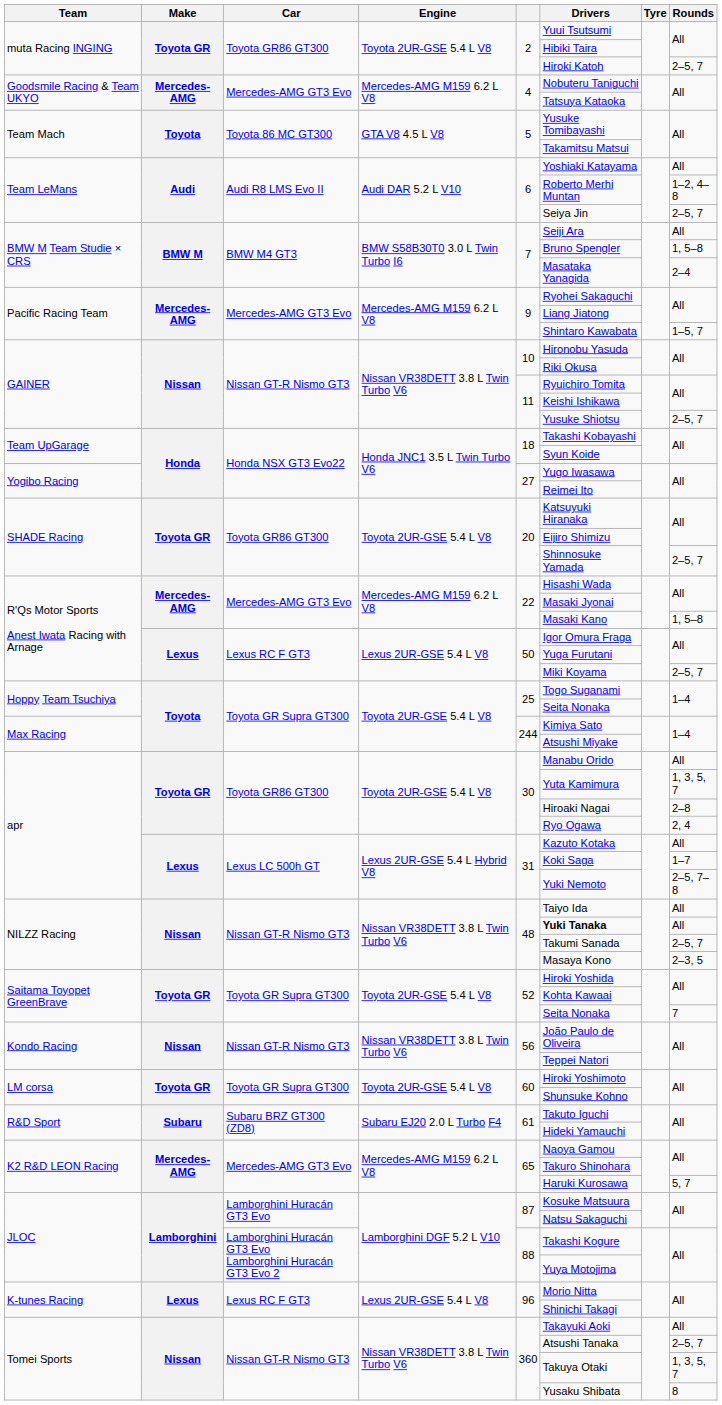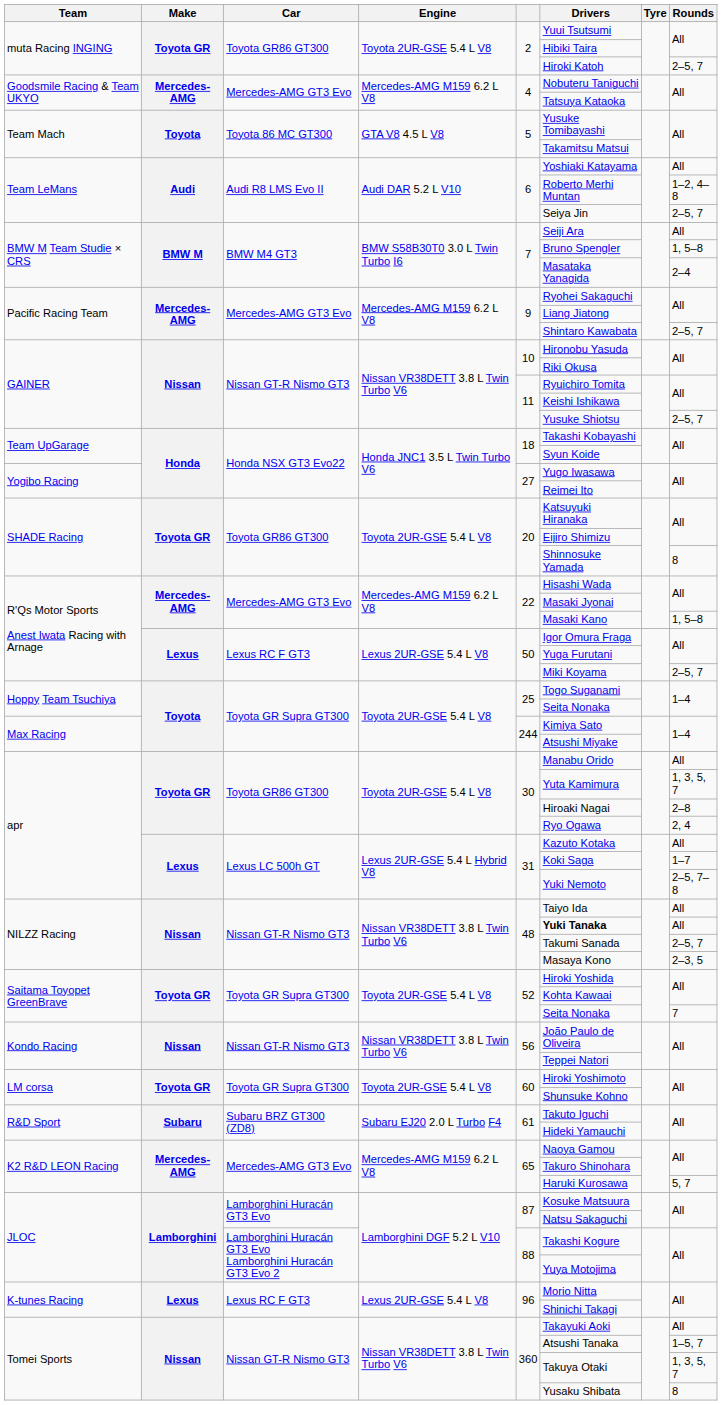 <table class="wikitable" style="font-size: 85%">
 <tr>
 <th>Team</th>
 <th>Make</th>
 <th>Car</th>
 <th>Engine</th>
 <th></th>
 <th>Drivers</th>
 <th>Tyre</th>
 <th>Rounds</th>
 </tr>
 <tr>
 <td rowspan="3">muta Racing <a href='#'>INGING</a></td>
 <th rowspan="3"><a href='#'>Toyota GR</a></th>
 <td rowspan="3"><a href='#'>Toyota GR86 GT300</a></td>
 <td rowspan="3"><a href='#'>Toyota 2UR-GSE</a> 5.4 L <a href='#'>V8</a></td>
 <td rowspan="3" align="center">2</td>
 <td> <a href='#'>Yuui Tsutsumi</a></td>
 <td rowspan="3" align="center"></td>
 <td rowspan="2">All</td>
 </tr>
 <tr>
 <td> <a href='#'>Hibiki Taira</a></td>
 </tr>
 <tr>
 <td> <a href='#'>Hiroki Katoh</a></td>
 <td>2–5, 7</td>
 </tr>
 <tr>
 <td rowspan=2><a href='#'>Goodsmile Racing</a> & <a href='#'>Team UKYO</a></td>
 <th rowspan=2><a href='#'>Mercedes-AMG</a></th>
 <td rowspan=2><a href='#'>Mercedes-AMG GT3 Evo</a></td>
 <td rowspan=2><a href='#'>Mercedes-AMG M159</a> 6.2 L <a href='#'>V8</a></td>
 <td rowspan="2" align=center>4</td>
 <td> <a href='#'>Nobuteru Taniguchi</a></td>
 <td rowspan="2" align="center"></td>
 <td rowspan="2">All</td>
 </tr>
 <tr>
 <td> <a href='#'>Tatsuya Kataoka</a></td>
 </tr>
 <tr>
 <td rowspan="2">Team Mach</td>
 <th rowspan="2"><a href='#'>Toyota</a></th>
 <td rowspan="2"><a href='#'>Toyota 86 MC GT300</a></td>
 <td rowspan="2"><a href='#'>GTA V8</a> 4.5 L <a href='#'>V8</a></td>
 <td rowspan="2" align=center>5</td>
 <td> <a href='#'>Yusuke Tomibayashi</a></td>
 <td rowspan="2" align="center"></td>
 <td rowspan="2">All</td>
 </tr>
 <tr>
 <td> <a href='#'>Takamitsu Matsui</a></td>
 </tr>
 <tr>
 <td rowspan="3"><a href='#'>Team LeMans</a></td>
 <th rowspan="3"><a href='#'>Audi</a></th>
 <td rowspan="3"><a href='#'>Audi R8 LMS Evo II</a></td>
 <td rowspan="3"><a href='#'>Audi DAR</a> 5.2 L <a href='#'>V10</a></td>
 <td rowspan="3" align=center>6</td>
 <td> <a href='#'>Yoshiaki Katayama</a></td>
 <td rowspan="3" align="center"></td>
 <td>All</td>
 </tr>
 <tr>
 <td> <a href='#'>Roberto Merhi Muntan</a></td>
 <td>1–2, 4–8</td>
 </tr>
 <tr>
 <td> Seiya Jin</td>
 <td>2–5, 7</td>
 </tr>
 <tr>
 <td rowspan="3"><a href='#'>BMW M</a> <a href='#'>Team Studie</a> × <a href='#'>CRS</a></td>
 <th rowspan="3"><a href='#'>BMW M</a></th>
 <td rowspan="3"><a href='#'>BMW M4 GT3</a></td>
 <td rowspan="3"><a href='#'>BMW S58B30T0</a> 3.0 L <a href='#'>Twin Turbo</a> <a href='#'>I6</a></td>
 <td rowspan="3" align="center">7</td>
 <td> <a href='#'>Seiji Ara</a></td>
 <td rowspan="3" align="center"></td>
 <td>All</td>
 </tr>
 <tr>
 <td> <a href='#'>Bruno Spengler</a></td>
 <td>1, 5–8</td>
 </tr>
 <tr>
 <td> <a href='#'>Masataka Yanagida</a></td>
 <td>2–4</td>
 </tr>
 <tr>
 <td rowspan="3">Pacific Racing Team</td>
 <th rowspan="3"><a href='#'>Mercedes-AMG</a></th>
 <td rowspan="3"><a href='#'>Mercedes-AMG GT3 Evo</a></td>
 <td rowspan="3"><a href='#'>Mercedes-AMG M159</a> 6.2 L <a href='#'>V8</a></td>
 <td rowspan="3" align="center">9</td>
 <td> <a href='#'>Ryohei Sakaguchi</a></td>
 <td rowspan="3" align="center"></td>
 <td rowspan="2">All</td>
 </tr>
 <tr>
 <td> <a href='#'>Liang Jiatong</a></td>
 </tr>
 <tr>
 <td> <a href='#'>Shintaro Kawabata</a></td>
-<td>1–5, 7</td>
+<td>2–5, 7</td>
 </tr>
 <tr>
 <td rowspan="5"><a href='#'>GAINER</a></td>
 <th rowspan="5"><a href='#'>Nissan</a></th>
 <td rowspan="5"><a href='#'>Nissan GT-R Nismo GT3</a></td>
 <td rowspan="5"><a href='#'>Nissan VR38DETT</a> 3.8 L <a href='#'>Twin Turbo</a> <a href='#'>V6</a></td>
 <td rowspan="2" align="center">10</td>
 <td> <a href='#'>Hironobu Yasuda</a></td>
 <td rowspan="2" align="center"></td>
 <td rowspan="2">All</td>
 </tr>
 <tr>
 <td> <a href='#'>Riki Okusa</a></td>
 </tr>
 <tr>
 <td rowspan="3" align=center>11</td>
 <td> <a href='#'>Ryuichiro Tomita</a></td>
 <td rowspan="3" align=center></td>
 <td rowspan="2">All</td>
 </tr>
 <tr>
 <td> <a href='#'>Keishi Ishikawa</a></td>
 </tr>
 <tr>
 <td> <a href='#'>Yusuke Shiotsu</a></td>
 <td>2–5, 7</td>
 </tr>
 <tr>
 <td rowspan="2"><a href='#'>Team UpGarage</a></td>
 <th rowspan="4"><a href='#'>Honda</a></th>
 <td rowspan="4"><a href='#'>Honda NSX GT3 Evo22</a></td>
 <td rowspan="4"><a href='#'>Honda JNC1</a> 3.5 L <a href='#'>Twin Turbo</a> <a href='#'>V6</a></td>
 <td rowspan="2" align=center>18</td>
 <td> <a href='#'>Takashi Kobayashi</a></td>
 <td rowspan="2" align="center"></td>
 <td rowspan="2">All</td>
 </tr>
 <tr>
 <td> <a href='#'>Syun Koide</a></td>
 </tr>
 <tr>
 <td rowspan="2"><a href='#'>Yogibo Racing</a></td>
 <td rowspan="2" align=center>27</td>
 <td> <a href='#'>Yugo Iwasawa</a></td>
 <td rowspan="2" align="center"></td>
 <td rowspan="2">All</td>
 </tr>
 <tr>
 <td> <a href='#'>Reimei Ito</a></td>
 </tr>
 <tr>
 <td rowspan=3><a href='#'>SHADE Racing</a></td>
 <th rowspan=3><a href='#'>Toyota GR</a></th>
 <td rowspan=3><a href='#'>Toyota GR86 GT300</a></td>
 <td rowspan=3><a href='#'>Toyota 2UR-GSE</a> 5.4 L <a href='#'>V8</a></td>
 <td align="center" rowspan=3>20</td>
 <td> <a href='#'>Katsuyuki Hiranaka</a></td>
 <td rowspan="3" align="center"></td>
 <td rowspan="2">All</td>
 </tr>
 <tr>
 <td> <a href='#'>Eijiro Shimizu</a></td>
 </tr>
 <tr>
 <td> <a href='#'>Shinnosuke Yamada</a></td>
-<td>2–5, 7</td>
+<td>8</td>
 </tr>
 <tr>
 <td rowspan="6">R'Qs Motor Sports<br><br><a href='#'>Anest Iwata</a> Racing with Arnage</td>
 <th rowspan="3"><a href='#'>Mercedes-AMG</a></th>
 <td rowspan="3"><a href='#'>Mercedes-AMG GT3 Evo</a></td>
 <td rowspan="3"><a href='#'>Mercedes-AMG M159</a> 6.2 L <a href='#'>V8</a></td>
 <td rowspan="3" align="center">22</td>
 <td> <a href='#'>Hisashi Wada</a></td>
 <td rowspan="3" align="center"></td>
 <td rowspan="2">All</td>
 </tr>
 <tr>
 <td> <a href='#'>Masaki Jyonai</a></td>
 </tr>
 <tr>
 <td> <a href='#'>Masaki Kano</a></td>
 <td>1, 5–8</td>
 </tr>
 <tr>
 <th rowspan=3><a href='#'>Lexus</a></th>
 <td rowspan=3><a href='#'>Lexus RC F GT3</a></td>
 <td rowspan=3><a href='#'>Lexus 2UR-GSE</a> 5.4 L <a href='#'>V8</a></td>
 <td align="center" rowspan="3">50</td>
 <td> <a href='#'>Igor Omura Fraga</a></td>
 <td rowspan="3" align=center></td>
 <td rowspan="2">All</td>
 </tr>
 <tr>
 <td> <a href='#'>Yuga Furutani</a></td>
 </tr>
 <tr>
 <td> <a href='#'>Miki Koyama</a></td>
 <td>2–5, 7</td>
 </tr>
 <tr>
 <td rowspan=2><a href='#'>Hoppy</a> <a href='#'>Team Tsuchiya</a></td>
 <th rowspan="4"><a href='#'>Toyota</a></th>
 <td rowspan="4"><a href='#'>Toyota GR Supra GT300</a></td>
 <td rowspan="4"><a href='#'>Toyota 2UR-GSE</a> 5.4 L <a href='#'>V8</a></td>
 <td align="center" rowspan=2>25</td>
 <td> <a href='#'>Togo Suganami</a></td>
 <td rowspan="2" align="center"></td>
 <td rowspan="2">1–4</td>
 </tr>
 <tr>
 <td> <a href='#'>Seita Nonaka</a></td>
 </tr>
 <tr>
 <td rowspan="2"><a href='#'>Max Racing</a></td>
 <td align="center" rowspan="2">244</td>
 <td> <a href='#'>Kimiya Sato</a></td>
 <td rowspan="2" align="center"></td>
 <td rowspan="2">1–4</td>
 </tr>
 <tr>
 <td> <a href='#'>Atsushi Miyake</a></td>
 </tr>
 <tr>
 <td rowspan="7">apr</td>
 <th rowspan="4"><a href='#'>Toyota GR</a></th>
 <td rowspan="4"><a href='#'>Toyota GR86 GT300</a></td>
 <td rowspan="4"><a href='#'>Toyota 2UR-GSE</a> 5.4 L <a href='#'>V8</a></td>
 <td rowspan="4" align="center">30</td>
 <td> <a href='#'>Manabu Orido</a></td>
 <td rowspan="4" align="center"></td>
 <td>All</td>
 </tr>
 <tr>
 <td> <a href='#'>Yuta Kamimura</a></td>
 <td>1, 3, 5, 7</td>
 </tr>
 <tr>
 <td> Hiroaki Nagai</td>
 <td>2–8</td>
 </tr>
 <tr>
 <td> <a href='#'>Ryo Ogawa</a></td>
 <td>2, 4</td>
 </tr>
 <tr>
 <th rowspan="3"><a href='#'>Lexus</a></th>
 <td rowspan="3"><a href='#'>Lexus LC 500h GT</a></td>
 <td rowspan="3"><a href='#'>Lexus 2UR-GSE</a> 5.4 L <a href='#'>Hybrid</a> <a href='#'>V8</a></td>
 <td rowspan="3" align=center>31</td>
 <td> <a href='#'>Kazuto Kotaka</a></td>
 <td rowspan="3" align="center"></td>
 <td>All</td>
 </tr>
 <tr>
 <td> <a href='#'>Koki Saga</a></td>
 <td>1–7</td>
 </tr>
 <tr>
 <td> <a href='#'>Yuki Nemoto</a></td>
 <td>2–5, 7–8</td>
 </tr>
 <tr>
 <td rowspan="4">NILZZ Racing</td>
 <th rowspan="4"><a href='#'>Nissan</a></th>
 <td rowspan="4"><a href='#'>Nissan GT-R Nismo GT3</a></td>
 <td rowspan="4"><a href='#'>Nissan VR38DETT</a> 3.8 L <a href='#'>Twin Turbo</a> <a href='#'>V6</a></td>
 <td rowspan="4" align="center">48</td>
 <td> Taiyo Ida</td>
 <td rowspan="4" align="center"></td>
 <td>All</td>
 </tr>
 <tr>
 <td><strong> Yuki Tanaka</strong></td>
 <td>All</td>
 </tr>
 <tr>
 <td> Takumi Sanada</td>
 <td>2–5, 7</td>
 </tr>
 <tr>
 <td> Masaya Kono</td>
 <td>2–3, 5</td>
 </tr>
 <tr>
 <td rowspan="3"><a href='#'>Saitama Toyopet GreenBrave</a></td>
 <th rowspan="3"><a href='#'>Toyota GR</a></th>
 <td rowspan="3"><a href='#'>Toyota GR Supra GT300</a></td>
 <td rowspan="3"><a href='#'>Toyota 2UR-GSE</a> 5.4 L <a href='#'>V8</a></td>
 <td rowspan="3" align="center">52</td>
 <td> <a href='#'>Hiroki Yoshida</a></td>
 <td rowspan="3" align="center"></td>
 <td rowspan="2">All</td>
 </tr>
 <tr>
 <td> <a href='#'>Kohta Kawaai</a></td>
 </tr>
 <tr>
 <td> <a href='#'>Seita Nonaka</a></td>
 <td>7</td>
 </tr>
 <tr>
 <td rowspan="2"><a href='#'>Kondo Racing</a></td>
 <th rowspan="2"><a href='#'>Nissan</a></th>
 <td rowspan="2"><a href='#'>Nissan GT-R Nismo GT3</a></td>
 <td rowspan="2"><a href='#'>Nissan VR38DETT</a> 3.8 L <a href='#'>Twin Turbo</a> <a href='#'>V6</a></td>
 <td rowspan="2" align=center>56</td>
 <td> <a href='#'>João Paulo de Oliveira</a></td>
 <td rowspan="2" align=center></td>
 <td rowspan="2">All</td>
 </tr>
 <tr>
 <td> <a href='#'>Teppei Natori</a></td>
 </tr>
 <tr>
 <td rowspan="2"><a href='#'>LM corsa</a></td>
 <th rowspan="2"><a href='#'>Toyota GR</a></th>
 <td rowspan="2"><a href='#'>Toyota GR Supra GT300</a></td>
 <td rowspan="2"><a href='#'>Toyota 2UR-GSE</a> 5.4 L <a href='#'>V8</a></td>
 <td align="center" rowspan=2>60</td>
 <td> <a href='#'>Hiroki Yoshimoto</a></td>
 <td rowspan="2" align="center"></td>
 <td rowspan="2">All</td>
 </tr>
 <tr>
 <td> <a href='#'>Shunsuke Kohno</a></td>
 </tr>
 <tr>
 <td rowspan=2><a href='#'>R&D Sport</a></td>
 <th rowspan=2><a href='#'>Subaru</a></th>
 <td rowspan=2><a href='#'>Subaru BRZ GT300 (ZD8)</a></td>
 <td rowspan="2"><a href='#'>Subaru EJ20</a> 2.0 L <a href='#'>Turbo</a> <a href='#'>F4</a></td>
 <td align="center" rowspan="2">61</td>
 <td> <a href='#'>Takuto Iguchi</a></td>
 <td rowspan=2 align=center></td>
 <td rowspan="2">All</td>
 </tr>
 <tr>
 <td> <a href='#'>Hideki Yamauchi</a></td>
 </tr>
 <tr>
 <td rowspan=3><a href='#'>K2 R&D LEON Racing</a></td>
 <th rowspan=3><a href='#'>Mercedes-AMG</a></th>
 <td rowspan=3><a href='#'>Mercedes-AMG GT3 Evo</a></td>
 <td rowspan=3><a href='#'>Mercedes-AMG M159</a> 6.2 L <a href='#'>V8</a></td>
 <td align="center" rowspan=3>65</td>
 <td> <a href='#'>Naoya Gamou</a></td>
 <td rowspan="3" align="center"></td>
 <td rowspan="2">All</td>
 </tr>
 <tr>
 <td> <a href='#'>Takuro Shinohara</a></td>
 </tr>
 <tr>
 <td> <a href='#'>Haruki Kurosawa</a></td>
 <td>5, 7</td>
 </tr>
 <tr>
 <td rowspan="4"><a href='#'>JLOC</a></td>
 <th rowspan="4"><a href='#'>Lamborghini</a></th>
 <td rowspan="2"><a href='#'>Lamborghini Huracán GT3 Evo</a></td>
 <td rowspan="4"><a href='#'>Lamborghini DGF</a> 5.2 L <a href='#'>V10</a></td>
 <td align="center" rowspan="2">87</td>
 <td> <a href='#'>Kosuke Matsuura</a></td>
 <td align="center" rowspan="2"></td>
 <td rowspan="2">All</td>
 </tr>
 <tr>
 <td> <a href='#'>Natsu Sakaguchi</a></td>
 </tr>
 <tr>
 <td rowspan="2"><a href='#'>Lamborghini Huracán GT3 Evo</a> <small></small> <br> <a href='#'>Lamborghini Huracán GT3 Evo 2</a> <small></small></td>
 <td align="center" rowspan="2">88</td>
 <td> <a href='#'>Takashi Kogure</a></td>
 <td align="center" rowspan="2"></td>
 <td rowspan="2">All</td>
 </tr>
 <tr>
 <td> <a href='#'>Yuya Motojima</a></td>
 </tr>
 <tr>
 <td rowspan=2><a href='#'>K-tunes Racing</a></td>
 <th rowspan=2><a href='#'>Lexus</a></th>
 <td rowspan=2><a href='#'>Lexus RC F GT3</a></td>
 <td rowspan=2><a href='#'>Lexus 2UR-GSE</a> 5.4 L <a href='#'>V8</a></td>
 <td align="center" rowspan="2">96</td>
 <td> <a href='#'>Morio Nitta</a></td>
 <td rowspan="2" align=center></td>
 <td rowspan="2">All</td>
 </tr>
 <tr>
 <td> <a href='#'>Shinichi Takagi</a></td>
 </tr>
 <tr>
 <td rowspan="4">Tomei Sports</td>
 <th rowspan="4"><a href='#'>Nissan</a></th>
 <td rowspan="4"><a href='#'>Nissan GT-R Nismo GT3</a></td>
 <td rowspan="4"><a href='#'>Nissan VR38DETT</a> 3.8 L <a href='#'>Twin Turbo</a> <a href='#'>V6</a></td>
 <td rowspan="4" align=center>360</td>
 <td> <a href='#'>Takayuki Aoki</a></td>
 <td rowspan="4" align=center></td>
 <td>All</td>
 </tr>
 <tr>
 <td> Atsushi Tanaka</td>
-<td>2–5, 7</td>
+<td>1–5, 7</td>
 </tr>
 <tr>
 <td> Takuya Otaki</td>
 <td>1, 3, 5, 7</td>
 </tr>
 <tr>
 <td> Yusaku Shibata</td>
 <td>8</td>
 </tr>
 </table>
